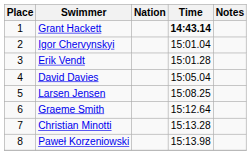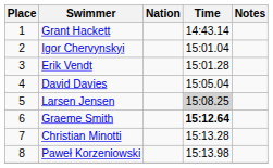 <table class="wikitable sortable" style="text-align:center">
 <tr>
 <th>Place</th>
 <th>Swimmer</th>
 <th>Nation</th>
 <th>Time</th>
 <th>Notes</th>
 </tr>
 <tr>
 <td>1</td>
 <td align=left><a href='#'>Grant Hackett</a></td>
 <td align=left></td>
-<td><strong>14:43.14</strong></td>
+<td>14:43.14</td>
 <td></td>
 </tr>
 <tr>
 <td>2</td>
 <td align=left><a href='#'>Igor Chervynskyi</a></td>
 <td align=left></td>
 <td>15:01.04</td>
 <td></td>
 </tr>
 <tr>
 <td>3</td>
 <td align=left><a href='#'>Erik Vendt</a></td>
 <td align=left></td>
 <td>15:01.28</td>
 <td></td>
 </tr>
 <tr>
 <td>4</td>
 <td align=left><a href='#'>David Davies</a></td>
 <td align=left></td>
 <td>15:05.04</td>
 <td></td>
 </tr>
 <tr>
 <td>5</td>
 <td align=left><a href='#'>Larsen Jensen</a></td>
 <td align=left></td>
-<td>15:08.25</td>
+<td style="background: lightgrey;">15:08.25</td>
 <td></td>
 </tr>
 <tr>
 <td>6</td>
 <td align=left><a href='#'>Graeme Smith</a></td>
 <td align=left></td>
-<td>15:12.64</td>
+<td><strong>15:12.64</strong></td>
 <td></td>
 </tr>
 <tr>
 <td>7</td>
 <td align=left><a href='#'>Christian Minotti</a></td>
 <td align=left></td>
 <td>15:13.28</td>
 <td></td>
 </tr>
 <tr>
 <td>8</td>
 <td align=left><a href='#'>Paweł Korzeniowski</a></td>
 <td align=left></td>
 <td>15:13.98</td>
 <td></td>
 </tr>
 <tr>
 </tr>
 </table>
